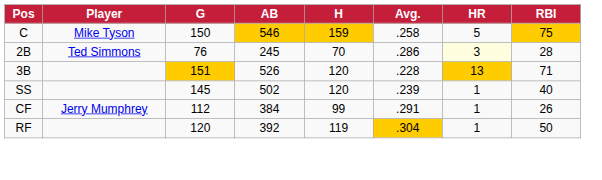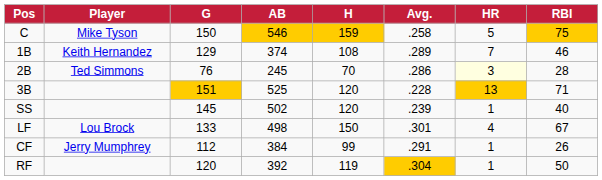 <table class="wikitable sortable">
 <tr>
 <th style="background:#c41e3a;color:white;" width="5%">Pos</th>
 <th style="background:#c41e3a;color:white;" width="16%">Player</th>
 <th style="background:#c41e3a;color:white;" width="9%">G</th>
 <th style="background:#c41e3a;color:white;" width="9%">AB</th>
 <th style="background:#c41e3a;color:white;" width="9%">H</th>
 <th style="background:#c41e3a;color:white;" width="9%">Avg.</th>
 <th style="background:#c41e3a;color:white;" width="9%">HR</th>
 <th style="background:#c41e3a;color:white;" width="9%">RBI</th>
 </tr>
 <tr align="center">
 <td>C</td>
 <td><a href='#'>Mike Tyson</a></td>
 <td>150</td>
 <td style="background:#fc0;">546</td>
 <td style="background:#fc0;">159</td>
 <td>.258</td>
 <td>5</td>
 <td style="background:#fc0;">75</td>
 </tr>
 <tr align=center>
+<td>1B</td>
+<td><a href='#'>Keith Hernandez</a></td>
+<td>129</td>
+<td>374</td>
+<td>108</td>
+<td>.289</td>
+<td>7</td>
+<td>46</td>
+</tr>
+<tr align=center>
 <td>2B</td>
 <td><a href='#'>Ted Simmons</a></td>
 <td>76</td>
 <td>245</td>
 <td>70</td>
 <td>.286</td>
 <td style="background: lightyellow;">3</td>
 <td>28</td>
 </tr>
 <tr align=center>
 <td>3B</td>
 <td></td>
 <td style="background:#fc0;">151</td>
-<td>526</td>
+<td>525</td>
 <td>120</td>
 <td>.228</td>
 <td style="background:#fc0;">13</td>
 <td>71</td>
 </tr>
 <tr align="center">
 <td>SS</td>
 <td></td>
 <td>145</td>
 <td>502</td>
 <td>120</td>
 <td>.239</td>
 <td>1</td>
 <td>40</td>
+</tr>
+<tr align="center">
+<td>LF</td>
+<td><a href='#'>Lou Brock</a></td>
+<td>133</td>
+<td>498</td>
+<td>150</td>
+<td>.301</td>
+<td>4</td>
+<td>67</td>
 </tr>
 <tr align=center>
 <td>CF</td>
 <td><a href='#'>Jerry Mumphrey</a></td>
 <td>112</td>
 <td>384</td>
 <td>99</td>
 <td>.291</td>
 <td>1</td>
 <td>26</td>
 </tr>
 <tr align=center>
 <td>RF</td>
 <td></td>
 <td>120</td>
 <td>392</td>
 <td>119</td>
 <td style="background:#fc0;">.304</td>
 <td>1</td>
 <td>50</td>
 </tr>
 </table>
